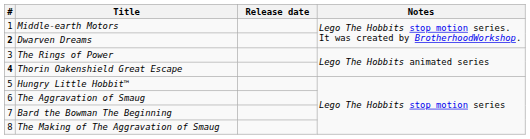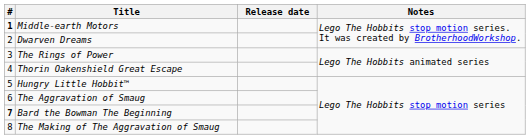 <table class="wikitable sortable">
 <tr>
 <th width=10>#</th>
 <th width=321>Title</th>
 <th width=110>Release date</th>
 <th width=300>Notes</th>
 </tr>
 <tr>
-<td align="center">1</td>
+<td align="center"><strong>1</strong></td>
 <td><em>Middle-earth Motors</em></td>
 <td align="right"></td>
 <td rowspan="2"><em>Lego The Hobbits</em> <a href='#'>stop motion</a> series. It was created by <em><a href='#'>BrotherhoodWorkshop</a></em>.</td>
 </tr>
 <tr>
-<td align="center"><strong>2</strong></td>
+<td align="center">2</td>
 <td><em>Dwarven Dreams</em></td>
 <td align="right"></td>
 </tr>
 <tr>
 <td align="center">3</td>
 <td><em>The Rings of Power</em></td>
 <td align="right"></td>
 <td rowspan="2"><em>Lego The Hobbits</em> animated series</td>
 </tr>
 <tr>
-<td align="center"><strong>4</strong></td>
+<td align="center">4</td>
 <td><em>Thorin Oakenshield Great Escape</em></td>
 <td align="right"></td>
 </tr>
 <tr>
 <td align="center">5</td>
 <td><em>Hungry Little Hobbit™</em></td>
 <td align="right"></td>
 <td rowspan="4"><em>Lego The Hobbits</em> <a href='#'>stop motion</a> series</td>
 </tr>
 <tr>
 <td align="center">6</td>
 <td><em>The Aggravation of Smaug</em></td>
 <td align="right"></td>
 </tr>
 <tr>
-<td align="center">7</td>
+<td align="center"><strong>7</strong></td>
 <td><em>Bard the Bowman The Beginning</em></td>
 <td align="right"></td>
 </tr>
 <tr>
 <td align="center">8</td>
 <td><em>The Making of The Aggravation of Smaug</em></td>
 <td align="right"></td>
 </tr>
 </table>
